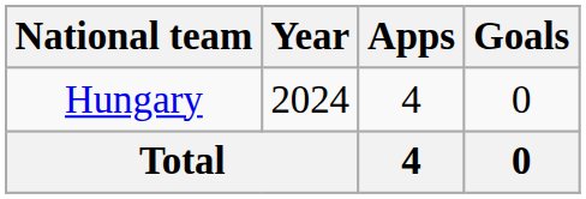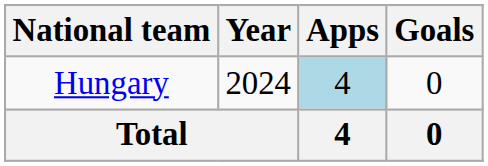 <table class="wikitable" style="text-align:center">
 <tr>
 <th>National team</th>
 <th>Year</th>
 <th>Apps</th>
 <th>Goals</th>
 </tr>
 <tr>
 <td><a href='#'>Hungary</a></td>
 <td>2024</td>
-<td>4</td>
+<td style="background: lightblue;">4</td>
 <td>0</td>
 </tr>
 <tr>
 <th colspan="2">Total</th>
 <th>4</th>
 <th>0</th>
 </tr>
 </table>
